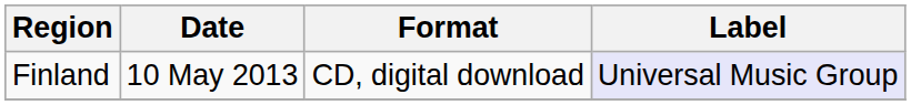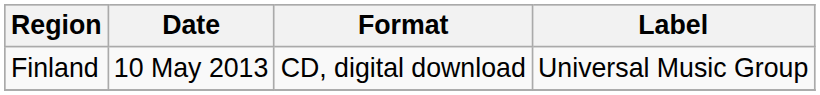 <table class=wikitable>
 <tr>
 <th>Region</th>
 <th>Date</th>
 <th>Format</th>
 <th>Label</th>
 </tr>
 <tr>
 <td>Finland</td>
 <td>10 May 2013</td>
 <td>CD, digital download</td>
-<td style="background: lavender;">Universal Music Group</td>
+<td>Universal Music Group</td>
 </tr>
 <tr>
 </tr>
 </table>
